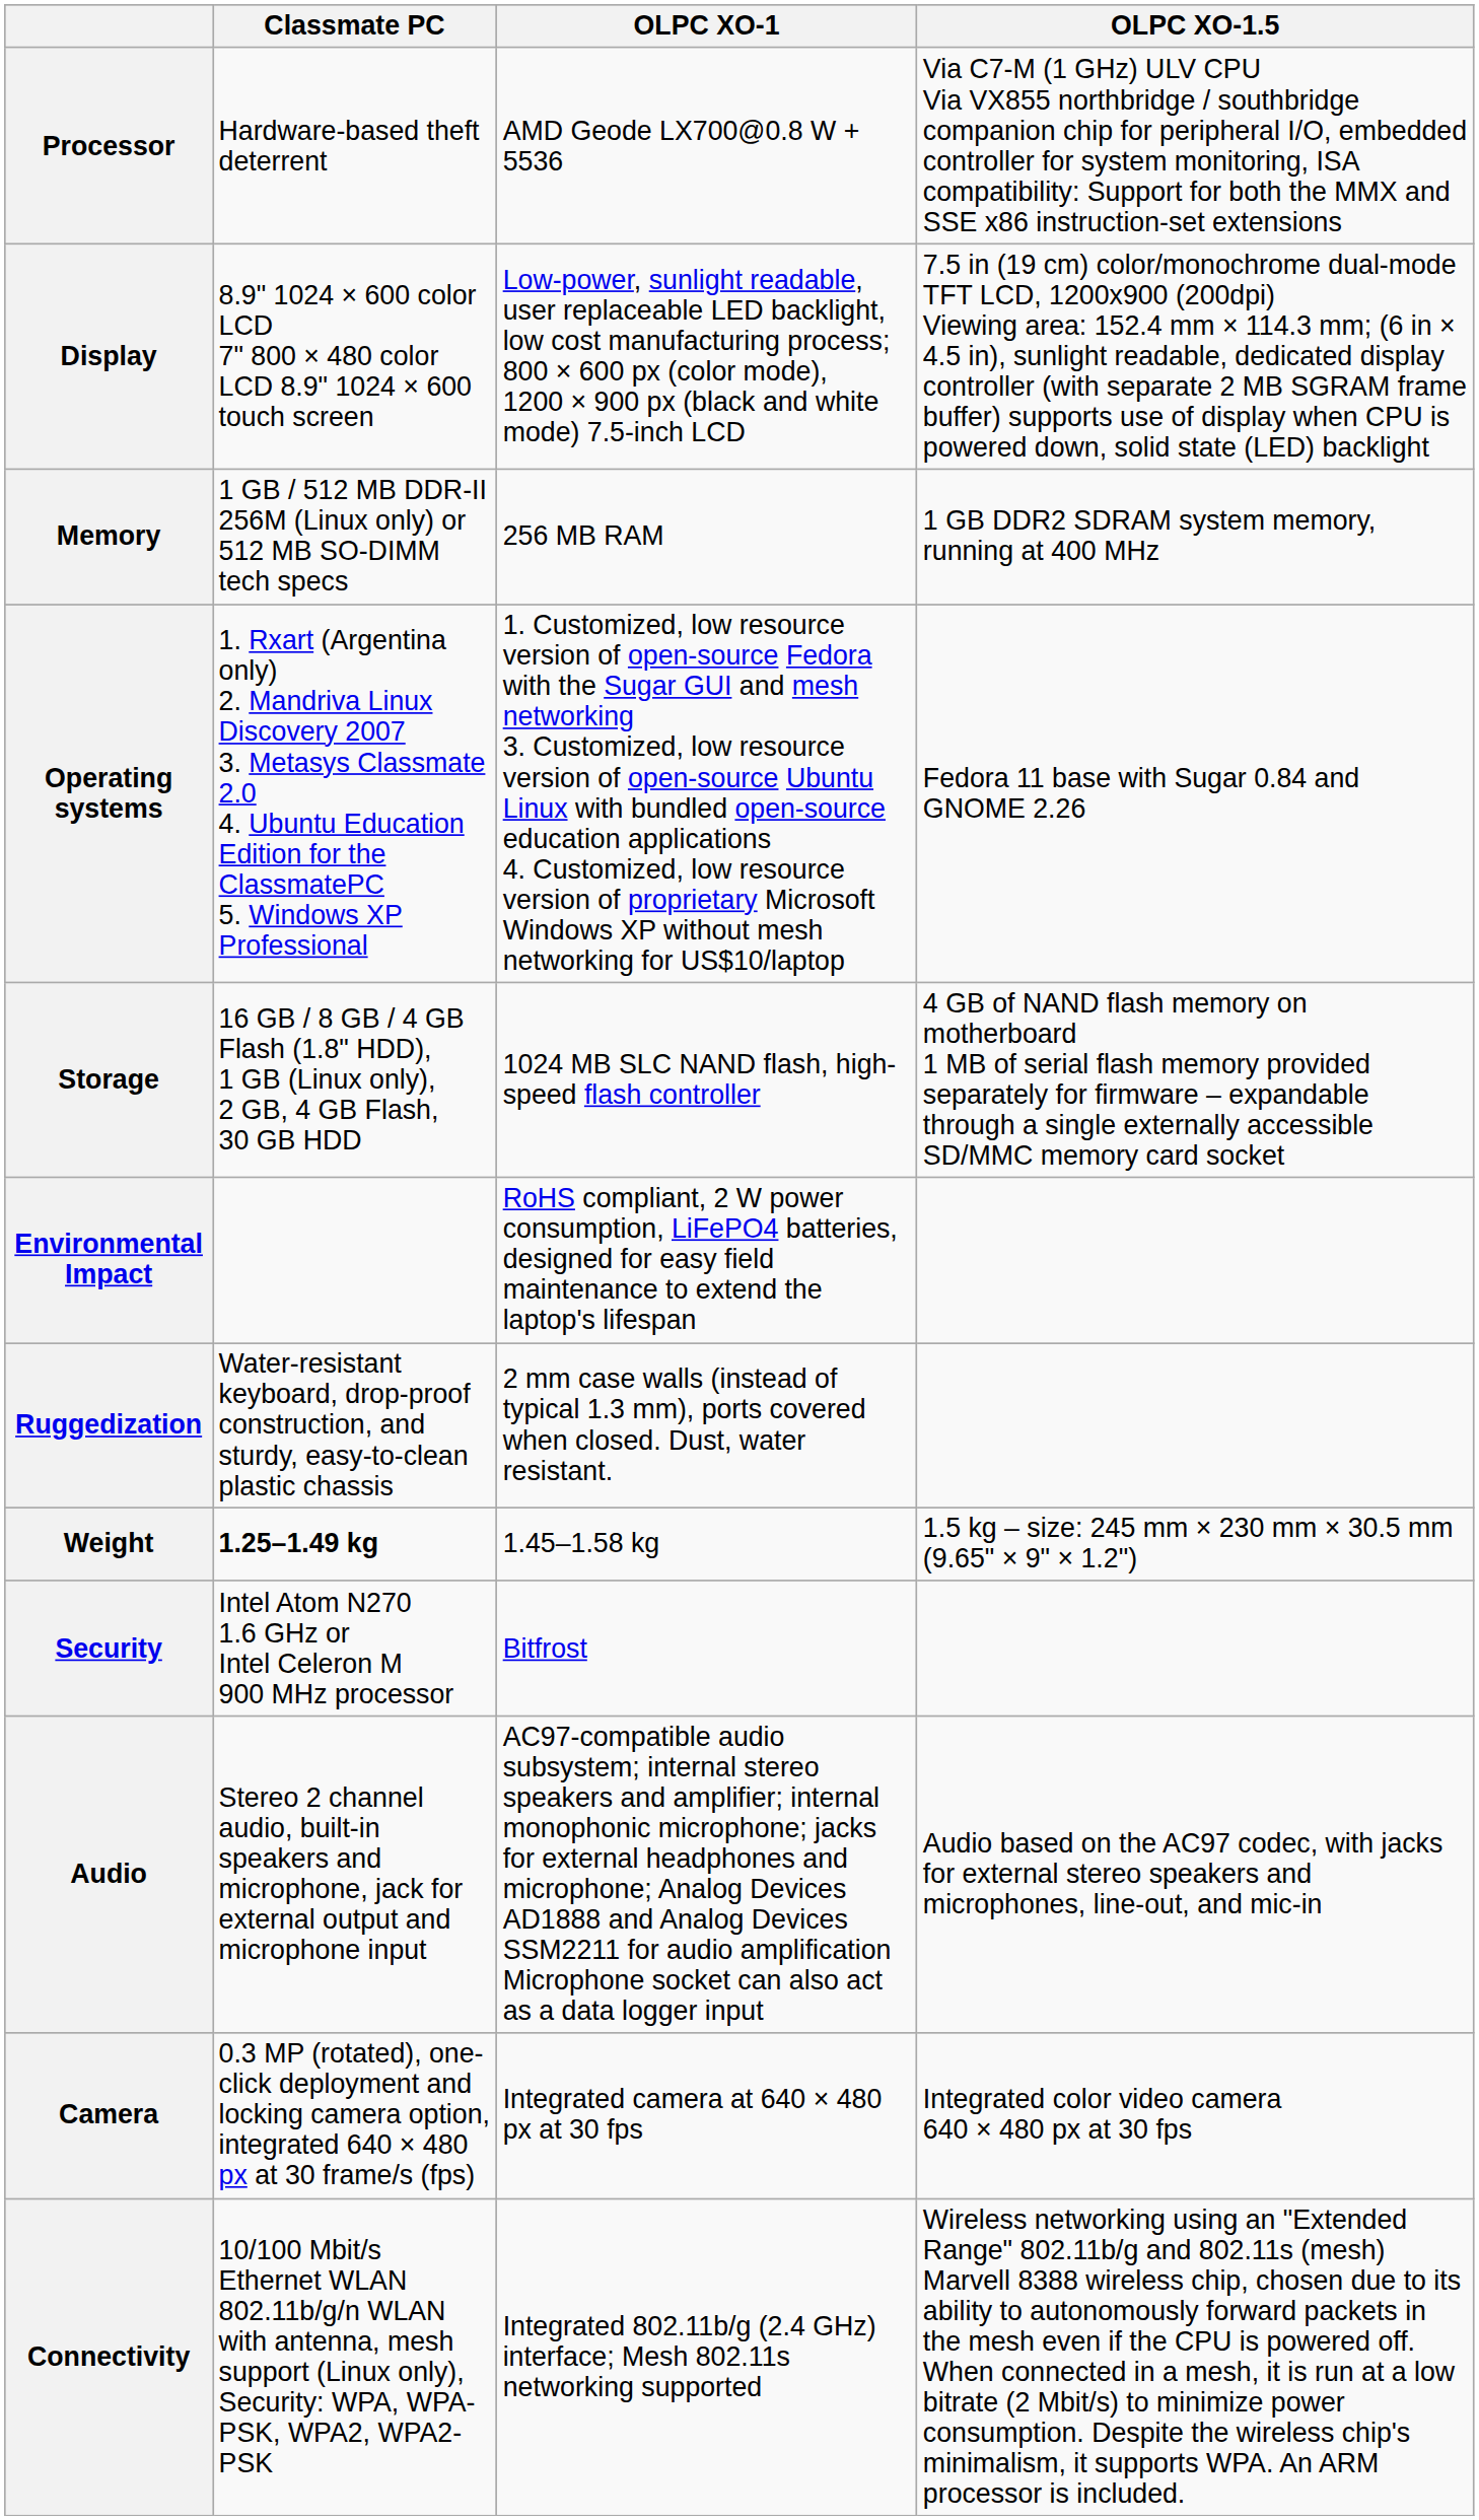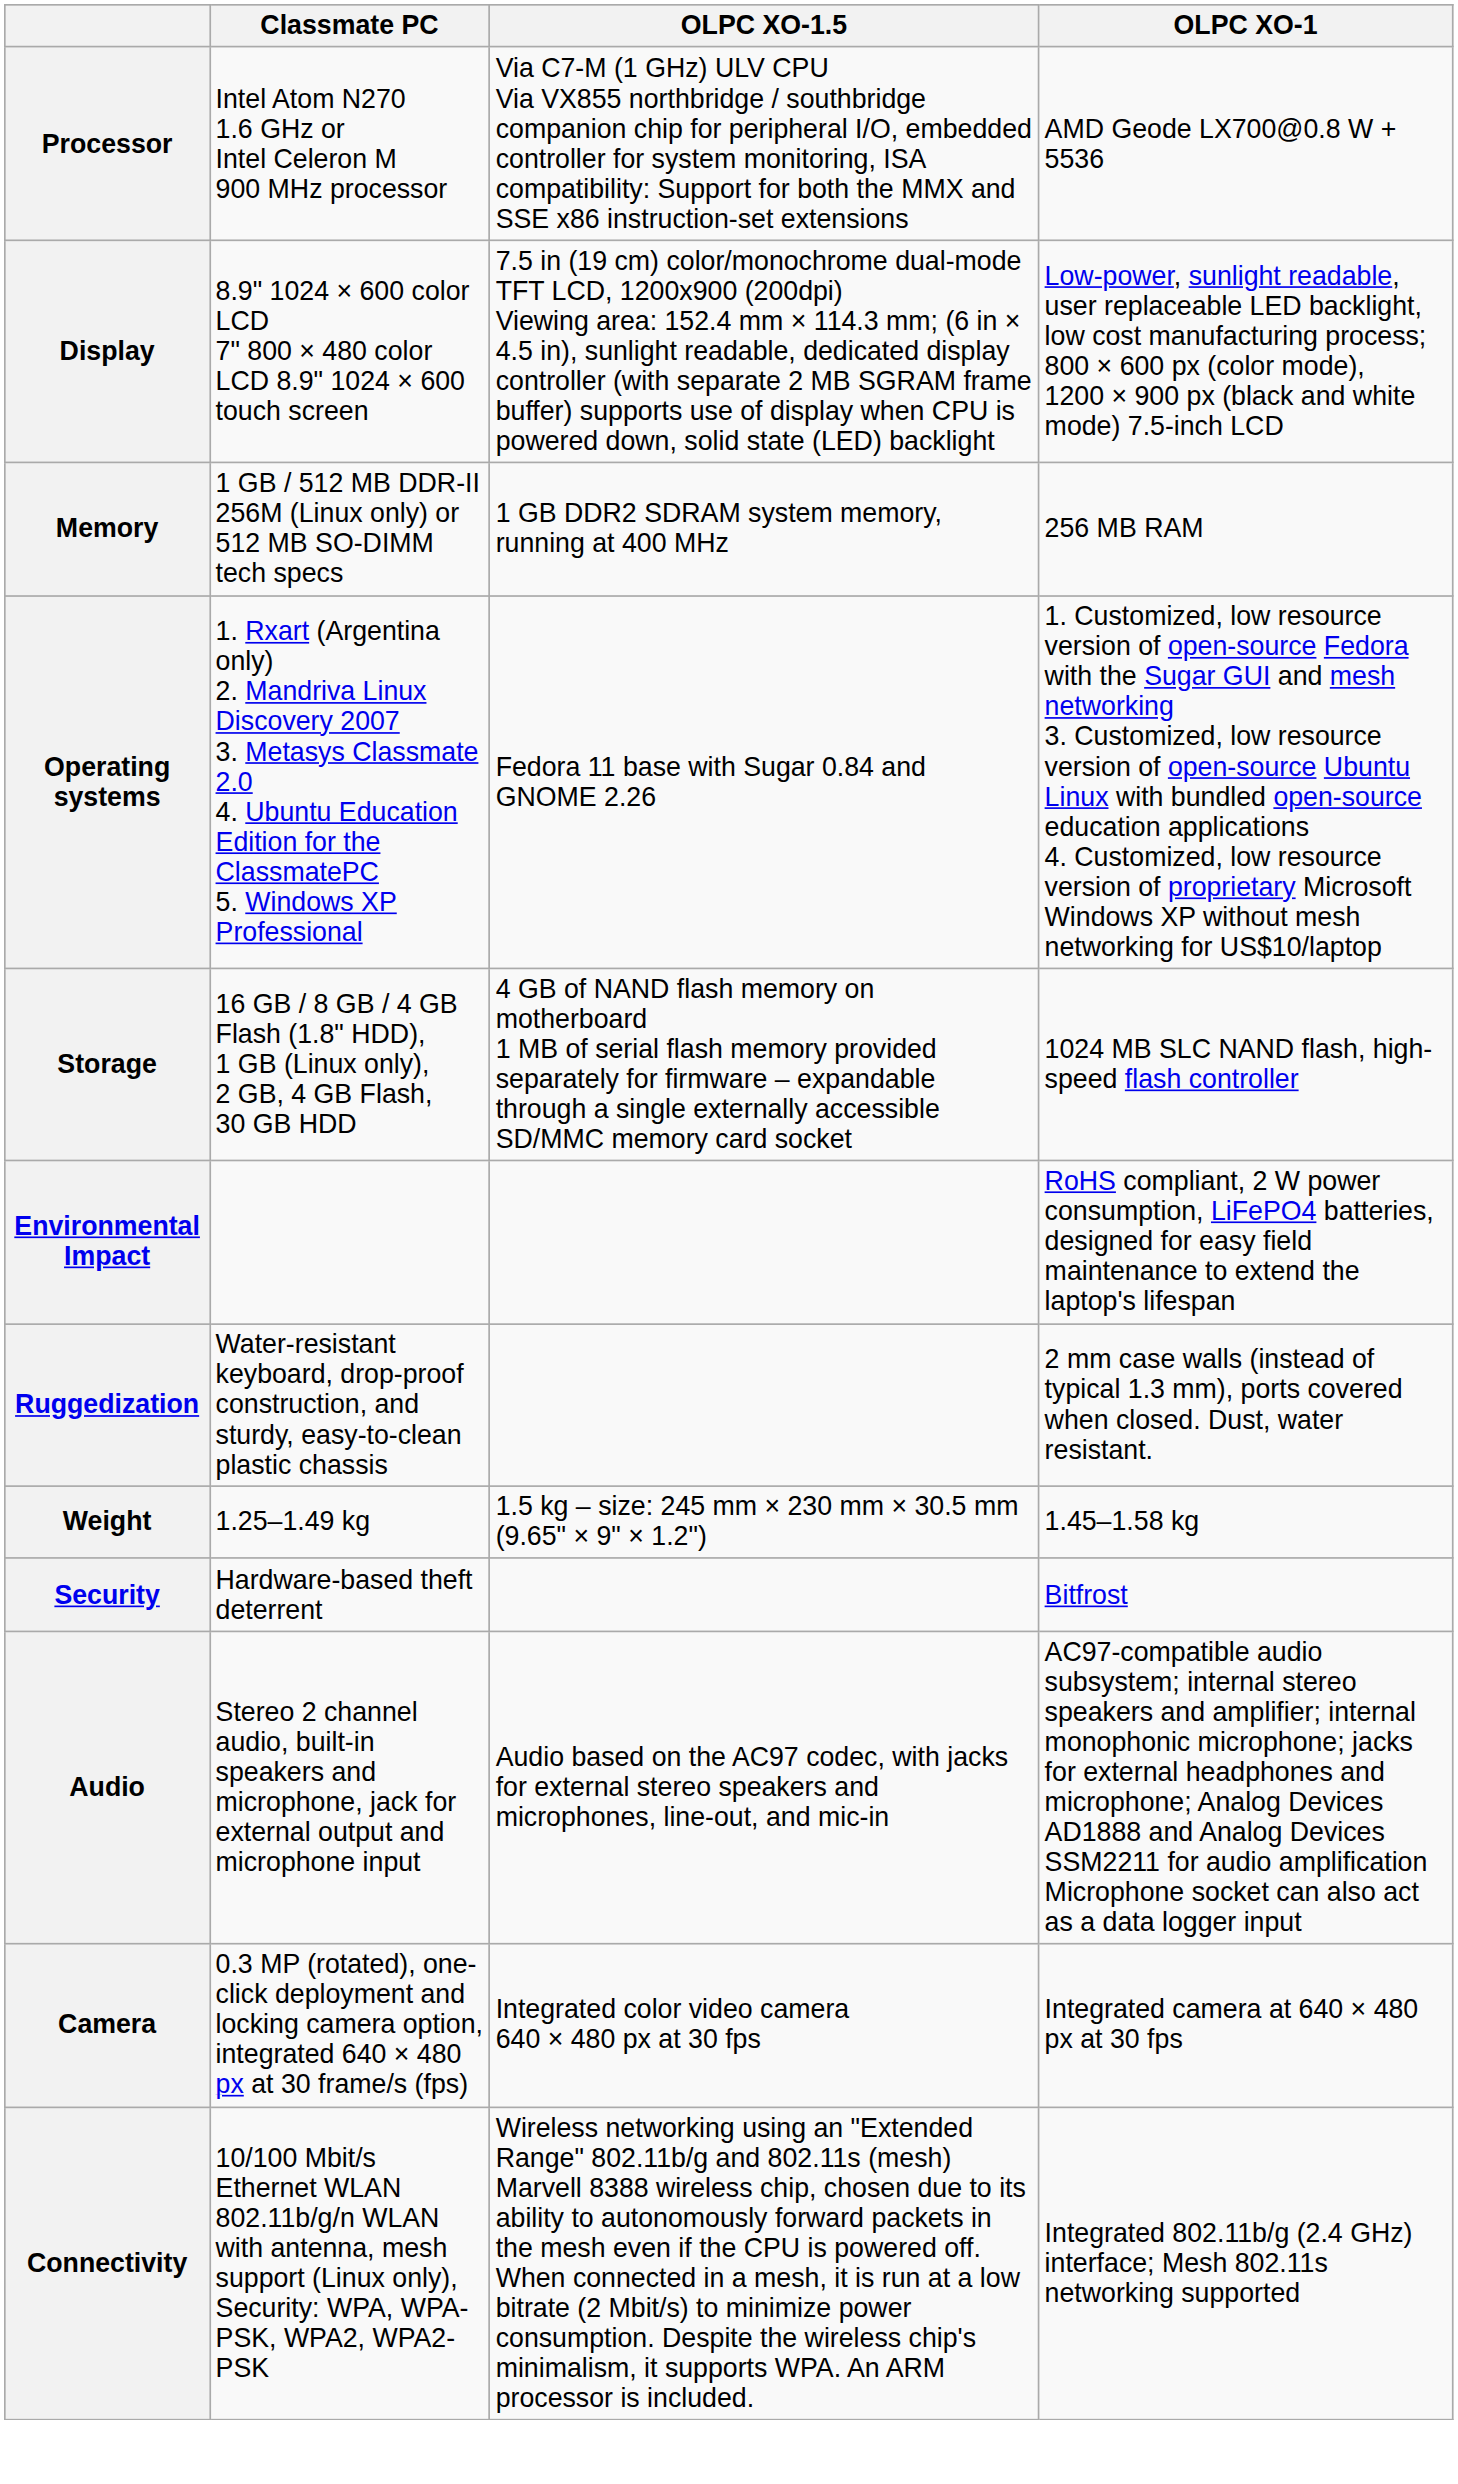 <table class="wikitable">
 <tr>
 <th></th>
 <th>Classmate PC</th>
+<th>OLPC XO-1.5</th>
 <th>OLPC XO-1</th>
-<th>OLPC XO-1.5</th>
 </tr>
 <tr>
 <th>Processor</th>
-<td>Hardware-based theft deterrent</td>
+<td>Intel Atom N270 1.6 GHz or<br>Intel Celeron M 900 MHz processor</td>
+<td>Via C7-M (1 GHz) ULV CPU<br>Via VX855 northbridge / southbridge companion chip for peripheral I/O, embedded controller for system monitoring, ISA compatibility: Support for both the MMX and SSE x86 instruction-set extensions</td>
 <td>AMD Geode LX700@0.8 W + 5536</td>
-<td>Via C7-M (1 GHz) ULV CPU<br>Via VX855 northbridge / southbridge companion chip for peripheral I/O, embedded controller for system monitoring, ISA compatibility: Support for both the MMX and SSE x86 instruction-set extensions</td>
 </tr>
 <tr>
 <th>Display</th>
 <td>8.9" 1024 × 600 color LCD<br>7" 800 × 480 color LCD 8.9" 1024 × 600 touch screen</td>
+<td>7.5 in (19 cm) color/monochrome dual-mode TFT LCD, 1200x900 (200dpi)<br>Viewing area: 152.4 mm × 114.3 mm; (6 in × 4.5 in), sunlight readable, dedicated display controller (with separate 2 MB SGRAM frame buffer) supports use of display when CPU is powered down, solid state (LED) backlight</td>
 <td><a href='#'>Low-power</a>, <a href='#'>sunlight readable</a>, user replaceable LED backlight, low cost manufacturing process;<br>800 × 600 px (color mode), 1200 × 900 px (black and white mode) 7.5-inch LCD</td>
-<td>7.5 in (19 cm) color/monochrome dual-mode TFT LCD, 1200x900 (200dpi)<br>Viewing area: 152.4 mm × 114.3 mm; (6 in × 4.5 in), sunlight readable, dedicated display controller (with separate 2 MB SGRAM frame buffer) supports use of display when CPU is powered down, solid state (LED) backlight</td>
 </tr>
 <tr>
 <th>Memory</th>
 <td>1 GB / 512 MB DDR-II 256M (Linux only) or 512 MB SO-DIMM tech specs</td>
+<td>1 GB DDR2 SDRAM system memory, running at 400 MHz</td>
 <td>256 MB RAM</td>
-<td>1 GB DDR2 SDRAM system memory, running at 400 MHz</td>
 </tr>
 <tr>
 <th>Operating systems</th>
 <td>1. <a href='#'>Rxart</a> (Argentina only) <br>2. <a href='#'>Mandriva Linux Discovery 2007</a><br>3. <a href='#'>Metasys Classmate 2.0</a><br>4. <a href='#'>Ubuntu Education Edition for the ClassmatePC</a><br>5. <a href='#'>Windows XP Professional</a></td>
+<td>Fedora 11 base with Sugar 0.84 and GNOME 2.26</td>
 <td>1. Customized, low resource version of <a href='#'>open-source</a> <a href='#'>Fedora</a> with the <a href='#'>Sugar GUI</a> and <a href='#'>mesh networking</a><br> 3. Customized, low resource version of <a href='#'>open-source</a> <a href='#'>Ubuntu Linux</a> with bundled <a href='#'>open-source</a> education applications<br>4. Customized, low resource version of <a href='#'>proprietary</a> Microsoft Windows XP without mesh networking for US$10/laptop</td>
-<td>Fedora 11 base with Sugar 0.84 and GNOME 2.26</td>
 </tr>
 <tr>
 <th>Storage</th>
 <td>16 GB / 8 GB / 4 GB Flash (1.8" HDD), 1 GB (Linux only), 2 GB, 4 GB Flash, 30 GB HDD</td>
+<td>4 GB of NAND flash memory on motherboard<br>1 MB of serial flash memory provided separately for firmware – expandable through a single externally accessible SD/MMC memory card socket</td>
 <td>1024 MB SLC NAND flash, high-speed <a href='#'>flash controller</a></td>
-<td>4 GB of NAND flash memory on motherboard<br>1 MB of serial flash memory provided separately for firmware – expandable through a single externally accessible SD/MMC memory card socket</td>
 </tr>
 <tr>
 <th><a href='#'>Environmental Impact</a></th>
 <td></td>
+<td></td>
 <td><a href='#'>RoHS</a> compliant, 2 W power consumption, <a href='#'>LiFePO4</a> batteries, designed for easy field maintenance to extend the laptop's lifespan</td>
-<td></td>
 </tr>
 <tr>
 <th><a href='#'>Ruggedization</a></th>
 <td>Water-resistant keyboard, drop-proof construction, and sturdy, easy-to-clean plastic chassis</td>
+<td></td>
 <td>2 mm case walls (instead of typical 1.3 mm), ports covered when closed. Dust, water resistant.</td>
-<td></td>
 </tr>
 <tr>
 <th>Weight</th>
-<td><strong>1.25–1.49 kg</strong></td>
+<td>1.25–1.49 kg</td>
+<td>1.5 kg – size: 245 mm × 230 mm × 30.5 mm (9.65" × 9" × 1.2")</td>
 <td>1.45–1.58 kg</td>
-<td>1.5 kg – size: 245 mm × 230 mm × 30.5 mm (9.65" × 9" × 1.2")</td>
 </tr>
 <tr>
 <th><a href='#'>Security</a></th>
-<td>Intel Atom N270 1.6 GHz or<br>Intel Celeron M 900 MHz processor</td>
+<td>Hardware-based theft deterrent</td>
+<td></td>
 <td><a href='#'>Bitfrost</a></td>
-<td></td>
 </tr>
 <tr>
 <th>Audio</th>
 <td>Stereo 2 channel audio, built-in speakers and microphone, jack for external output and microphone input</td>
+<td>Audio based on the AC97 codec, with jacks for external stereo speakers and microphones, line-out, and mic-in</td>
 <td>AC97-compatible audio subsystem; internal stereo speakers and amplifier; internal monophonic microphone; jacks for external headphones and microphone; Analog Devices AD1888 and Analog Devices SSM2211 for audio amplification Microphone socket can also act as a data logger input</td>
-<td>Audio based on the AC97 codec, with jacks for external stereo speakers and microphones, line-out, and mic-in</td>
 </tr>
 <tr>
 <th>Camera</th>
 <td>0.3 MP (rotated), one-click deployment and locking camera option, integrated 640 × 480 <a href='#'>px</a> at 30 frame/s (fps)</td>
+<td>Integrated color video camera<br>640 × 480 px at 30 fps</td>
 <td>Integrated camera at 640 × 480 px at 30 fps</td>
-<td>Integrated color video camera<br>640 × 480 px at 30 fps</td>
 </tr>
 <tr>
 <th>Connectivity</th>
 <td>10/100 Mbit/s Ethernet WLAN 802.11b/g/n WLAN with antenna, mesh support (Linux only), Security: WPA, WPA-PSK, WPA2, WPA2-PSK</td>
+<td>Wireless networking using an "Extended Range" 802.11b/g and 802.11s (mesh) Marvell 8388 wireless chip, chosen due to its ability to autonomously forward packets in the mesh even if the CPU is powered off. When connected in a mesh, it is run at a low bitrate (2 Mbit/s) to minimize power consumption. Despite the wireless chip's minimalism, it supports WPA. An ARM processor is included.</td>
 <td>Integrated 802.11b/g (2.4 GHz) interface; Mesh 802.11s networking supported</td>
-<td>Wireless networking using an "Extended Range" 802.11b/g and 802.11s (mesh) Marvell 8388 wireless chip, chosen due to its ability to autonomously forward packets in the mesh even if the CPU is powered off. When connected in a mesh, it is run at a low bitrate (2 Mbit/s) to minimize power consumption. Despite the wireless chip's minimalism, it supports WPA. An ARM processor is included.</td>
 </tr>
 </table>
